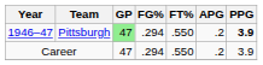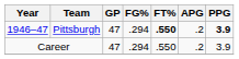 <table class="wikitable sortable" style="font-size:95%; text-align:right;">
 <tr>
 <th>Year</th>
 <th>Team</th>
 <th>GP</th>
 <th>FG%</th>
 <th>FT%</th>
 <th>APG</th>
 <th>PPG</th>
 </tr>
 <tr>
 <td style="text-align:left;"><a href='#'>1946–47</a></td>
 <td style="text-align:left;"><a href='#'>Pittsburgh</a></td>
-<td style="background: lightgreen;">47</td>
+<td>47</td>
 <td>.294</td>
-<td>.550</td>
+<td><strong>.550</strong></td>
 <td>.2</td>
 <td><strong>3.9</strong></td>
 </tr>
 <tr>
 <td style="text-align:center;" colspan="2">Career</td>
 <td>47</td>
 <td>.294</td>
 <td>.550</td>
 <td>.2</td>
 <td>3.9</td>
 </tr>
 <tr>
 </tr>
 </table>
